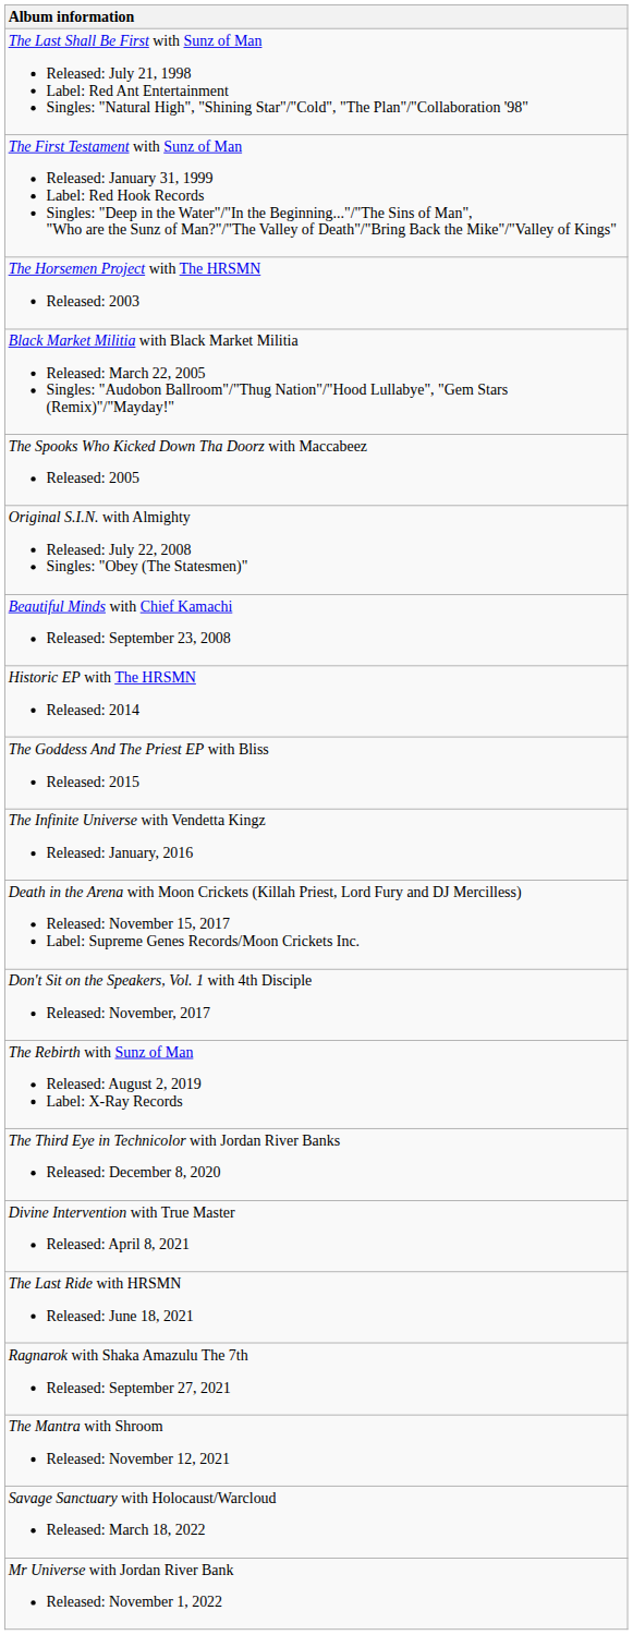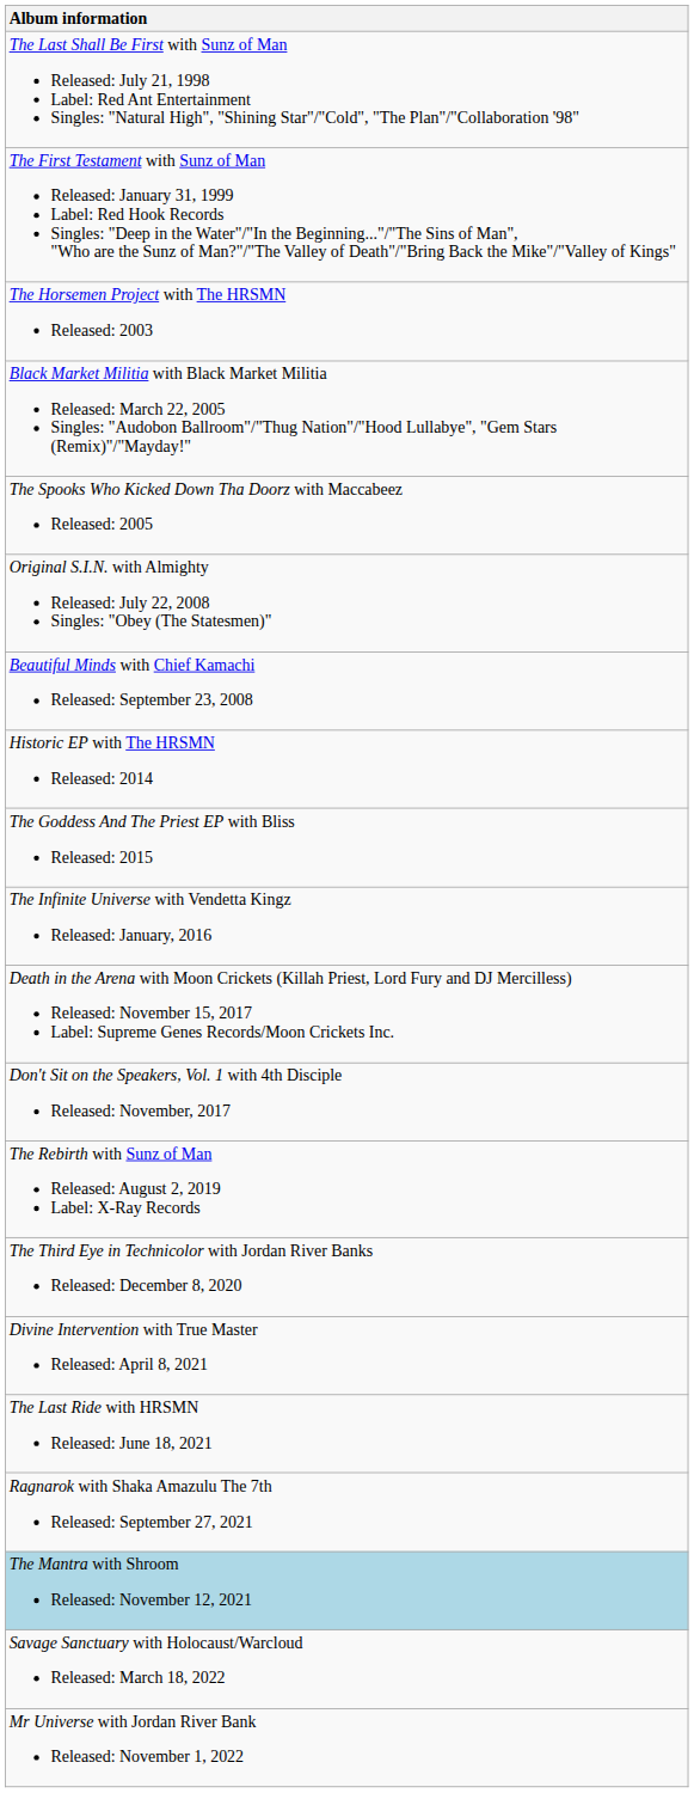 <table class="wikitable">
 <tr>
 <th style="text-align:left; width:650px;">Album information</th>
 </tr>
 <tr>
 <td align="left"><em><a href='#'>The Last Shall Be First</a></em> with <a href='#'>Sunz of Man</a><br><ul><li>Released: July 21, 1998</li><li>Label: Red Ant Entertainment</li><li>Singles: "Natural High", "Shining Star"/"Cold", "The Plan"/"Collaboration '98"</li></ul></td>
 </tr>
 <tr>
 <td align="left"><em><a href='#'>The First Testament</a></em> with <a href='#'>Sunz of Man</a><br><ul><li>Released: January 31, 1999</li><li>Label: Red Hook Records</li><li>Singles: "Deep in the Water"/"In the Beginning..."/"The Sins of Man",<br>"Who are the Sunz of Man?"/"The Valley of Death"/"Bring Back the Mike"/"Valley of Kings"</li></ul></td>
 </tr>
 <tr>
 <td align="left"><em><a href='#'>The Horsemen Project</a></em> with <a href='#'>The HRSMN</a><br><ul><li>Released: 2003</li></ul></td>
 </tr>
 <tr>
 <td align="left"><em><a href='#'>Black Market Militia</a></em> with Black Market Militia<br><ul><li>Released: March 22, 2005</li><li>Singles: "Audobon Ballroom"/"Thug Nation"/"Hood Lullabye", "Gem Stars (Remix)"/"Mayday!"</li></ul></td>
 </tr>
 <tr>
 <td><em>The Spooks Who Kicked Down Tha Doorz</em> with Maccabeez<br><ul><li>Released: 2005</li></ul></td>
 </tr>
 <tr>
 <td align="left"><em>Original S.I.N.</em> with Almighty<br><ul><li>Released: July 22, 2008</li><li>Singles: "Obey (The Statesmen)"</li></ul></td>
 </tr>
 <tr>
 <td align="left"><em><a href='#'>Beautiful Minds</a></em> with <a href='#'>Chief Kamachi</a> <br><ul><li>Released: September 23, 2008</li></ul></td>
 </tr>
 <tr>
 <td align="left"><em>Historic EP</em> with <a href='#'>The HRSMN</a><br><ul><li>Released: 2014</li></ul></td>
 </tr>
 <tr>
 <td align="left"><em>The Goddess And The Priest EP</em> with Bliss<br><ul><li>Released: 2015</li></ul></td>
 </tr>
 <tr>
 <td align="left"><em>The Infinite Universe</em> with Vendetta Kingz<br><ul><li>Released: January, 2016</li></ul></td>
 </tr>
 <tr>
 <td align="left"><em>Death in the Arena</em> with Moon Crickets (Killah Priest, Lord Fury and DJ Mercilless)<br><ul><li>Released: November 15, 2017</li><li>Label: Supreme Genes Records/Moon Crickets Inc.</li></ul></td>
 </tr>
 <tr>
 <td align="left"><em>Don't Sit on the Speakers, Vol. 1</em> with 4th Disciple<br><ul><li>Released: November, 2017</li></ul></td>
 </tr>
 <tr>
 <td><em>The Rebirth</em> with <a href='#'>Sunz of Man</a><br><ul><li>Released: August 2, 2019</li><li>Label: X-Ray Records</li></ul></td>
 </tr>
 <tr>
 <td align="left"><em>The Third Eye in Technicolor</em> with Jordan River Banks<br><ul><li>Released: December 8, 2020</li></ul></td>
 </tr>
 <tr>
 <td><em>Divine Intervention</em> with True Master<br><ul><li>Released: April 8, 2021</li></ul></td>
 </tr>
 <tr>
 <td><em>The Last Ride</em> with HRSMN<br><ul><li>Released: June 18, 2021</li></ul></td>
 </tr>
 <tr>
 <td><em>Ragnarok</em> with Shaka Amazulu The 7th<br><ul><li>Released: September 27, 2021</li></ul></td>
 </tr>
 <tr>
-<td><em>The Mantra</em> with Shroom<br><ul><li>Released: November 12, 2021</li></ul></td>
+<td style="background: lightblue;"><em>The Mantra</em> with Shroom<br><ul><li>Released: November 12, 2021</li></ul></td>
 </tr>
 <tr>
 <td><em>Savage Sanctuary</em> with Holocaust/Warcloud<br><ul><li>Released: March 18, 2022</li></ul></td>
 </tr>
 <tr>
 <td><em>Mr Universe</em> with Jordan River Bank<br><ul><li>Released: November 1, 2022</li></ul></td>
 </tr>
 </table>
